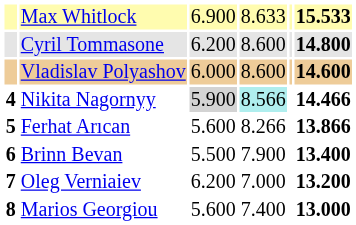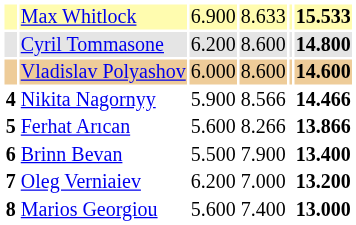 <table>
 <tr style="background: #fffcaf">
 <th scope=row style="text-align:center"></th>
 <td style="text-align:left"> <a href='#'>Max Whitlock</a></td>
 <td>6.900</td>
 <td>8.633</td>
 <td></td>
 <td><strong>15.533</strong></td>
 </tr>
 <tr style="background: #e5e5e5">
 <th scope=row style="text-align:center"></th>
 <td style="text-align:left"> <a href='#'>Cyril Tommasone</a></td>
 <td>6.200</td>
 <td>8.600</td>
 <td></td>
 <td><strong>14.800</strong></td>
 </tr>
 <tr style="background: #eecc99">
 <th scope=row style="text-align:center"></th>
 <td style="text-align:left"> <a href='#'>Vladislav Polyashov</a></td>
 <td>6.000</td>
 <td>8.600</td>
 <td></td>
 <td><strong>14.600</strong></td>
 </tr>
 <tr>
 <th scope=row style="text-align:center">4</th>
 <td style="text-align:left"> <a href='#'>Nikita Nagornyy</a></td>
-<td style="background: lightgrey;">5.900</td>
-<td style="background: paleturquoise;">8.566</td>
+<td>5.900</td>
+<td>8.566</td>
 <td></td>
 <td><strong>14.466</strong></td>
 </tr>
 <tr>
 <th scope=row style="text-align:center">5</th>
 <td style="text-align:left"> <a href='#'>Ferhat Arıcan</a></td>
 <td>5.600</td>
 <td>8.266</td>
 <td></td>
 <td><strong>13.866</strong></td>
 </tr>
 <tr>
 <th scope=row style="text-align:center">6</th>
 <td style="text-align:left"> <a href='#'>Brinn Bevan</a></td>
 <td>5.500</td>
 <td>7.900</td>
 <td></td>
 <td><strong>13.400</strong></td>
 </tr>
 <tr>
 <th scope=row style="text-align:center">7</th>
 <td style="text-align:left"> <a href='#'>Oleg Verniaiev</a></td>
 <td>6.200</td>
 <td>7.000</td>
 <td></td>
 <td><strong>13.200</strong></td>
 </tr>
 <tr>
 <th scope=row style="text-align:center">8</th>
 <td style="text-align:left"> <a href='#'>Marios Georgiou</a></td>
 <td>5.600</td>
 <td>7.400</td>
 <td></td>
 <td><strong>13.000</strong></td>
 </tr>
 </table>
